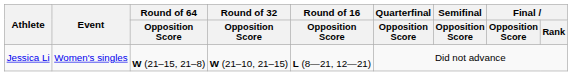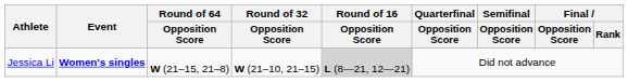 <table class=wikitable style="font-size:90%">
 <tr>
 <th rowspan=2>Athlete</th>
 <th rowspan=2>Event</th>
 <th>Round of 64</th>
 <th>Round of 32</th>
 <th>Round of 16</th>
 <th>Quarterfinal</th>
 <th>Semifinal</th>
 <th colspan=2>Final / </th>
 </tr>
 <tr style="font-size:95%">
 <th>Opposition<br>Score</th>
 <th>Opposition<br>Score</th>
 <th>Opposition<br>Score</th>
 <th>Opposition<br>Score</th>
 <th>Opposition<br>Score</th>
 <th>Opposition<br>Score</th>
 <th>Rank</th>
 </tr>
 <tr align=center>
 <td align=left><a href='#'>Jessica Li</a></td>
-<td align=left><a href='#'>Women's singles</a></td>
+<td align=left><strong><a href='#'>Women's singles</a></strong></td>
 <td><br><strong>W</strong> (21–15, 21–8)</td>
 <td><br><strong>W</strong> (21–10, 21–15)</td>
-<td><br><strong>L</strong> (8―21, 12―21)</td>
+<td style="background: lightgrey;"><br><strong>L</strong> (8―21, 12―21)</td>
 <td colspan=4>Did not advance</td>
 </tr>
 </table>
